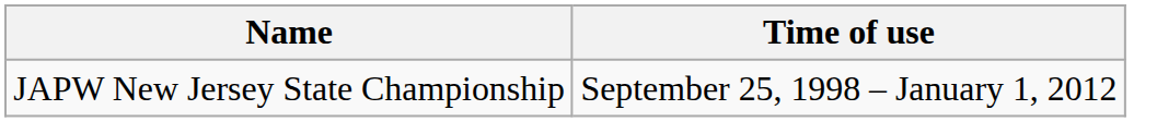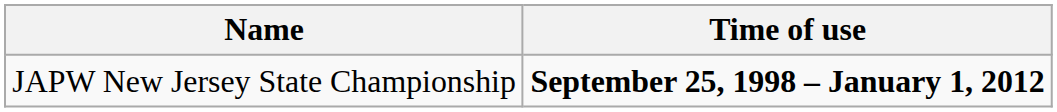 <table class="wikitable" border="1">
 <tr>
 <th>Name</th>
 <th>Time of use</th>
 </tr>
 <tr>
 <td>JAPW New Jersey State Championship</td>
-<td>September 25, 1998 – January 1, 2012</td>
+<td><strong>September 25, 1998 – January 1, 2012</strong></td>
 </tr>
 </table>
